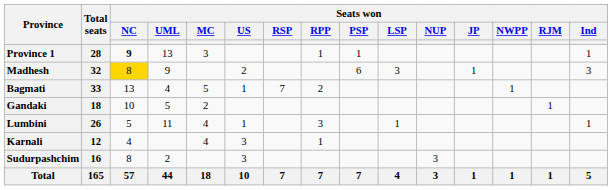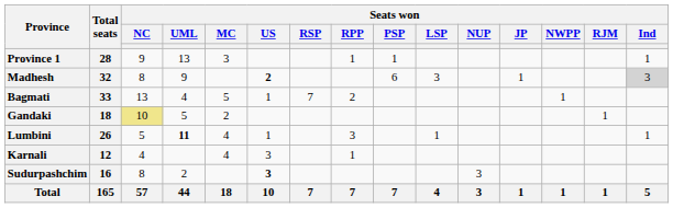 <table class="wikitable" style="text-align:center; font-size: 0.9em;">
 <tr>
 <th rowspan="3">Province</th>
 <th rowspan="3">Total<br>seats</th>
 <th colspan="13">Seats won</th>
 </tr>
 <tr>
 <th class="unsortable" style="width:45px;"><a href='#'>NC</a></th>
 <th class="unsortable" style="width:45px;"><a href='#'>UML</a></th>
 <th class="unsortable" style="width:45px;"><a href='#'>MC</a></th>
 <th class="unsortable" style="width:45px;"><a href='#'>US</a></th>
 <th class="unsortable" style="width:45px;"><a href='#'>RSP</a></th>
 <th class="unsortable" style="width:45px;"><a href='#'>RPP</a></th>
 <th class="unsortable" style="width:45px;"><a href='#'>PSP</a></th>
 <th class="unsortable" style="width:45px;"><a href='#'>LSP</a></th>
 <th class="unsortable" style="width:45px;"><a href='#'>NUP</a></th>
 <th class="unsortable" style="width:45px;"><a href='#'>JP</a></th>
 <th class="unsortable" style="width:45px;"><a href='#'>NWPP</a></th>
 <th class="unsortable" style="width:45px;"><a href='#'>RJM</a></th>
 <th class="unsortable" style="width:45px;"><a href='#'>Ind</a></th>
 </tr>
 <tr>
 <th style="background:"></th>
 <th style="background:"></th>
 <th style="background:"></th>
 <th style="background:"></th>
 <th style="background:"></th>
 <th style="background:"></th>
 <th style="background:"></th>
 <th style="background:"></th>
 <th style="background:"></th>
 <th style="background:"></th>
 <th style="background:"></th>
 <th style="background:"></th>
 <th style="background:"></th>
 </tr>
 <tr>
 <th style="text-align: left;">Province 1</th>
 <th>28</th>
-<td><strong>9</strong></td>
+<td>9</td>
 <td>13</td>
 <td>3</td>
 <td></td>
 <td></td>
 <td>1</td>
 <td>1</td>
 <td></td>
 <td></td>
 <td></td>
 <td></td>
 <td></td>
 <td>1</td>
 </tr>
 <tr>
 <th style="text-align: left;">Madhesh</th>
 <th>32</th>
-<td style="background: gold;">8</td>
+<td>8</td>
 <td>9</td>
 <td></td>
-<td>2</td>
+<td><strong>2</strong></td>
 <td></td>
 <td></td>
 <td>6</td>
 <td>3</td>
 <td></td>
 <td>1</td>
 <td></td>
 <td></td>
-<td>3</td>
+<td style="background: lightgrey;">3</td>
 </tr>
 <tr>
 <th style="text-align: left;">Bagmati</th>
 <th>33</th>
 <td>13</td>
 <td>4</td>
 <td>5</td>
 <td>1</td>
 <td>7</td>
 <td>2</td>
 <td></td>
 <td></td>
 <td></td>
 <td></td>
 <td>1</td>
 <td></td>
 <td></td>
 </tr>
 <tr>
 <th style="text-align: left;">Gandaki</th>
 <th>18</th>
-<td>10</td>
+<td style="background: khaki;">10</td>
 <td>5</td>
 <td>2</td>
 <td></td>
 <td></td>
 <td></td>
 <td></td>
 <td></td>
 <td></td>
 <td></td>
 <td></td>
 <td>1</td>
 <td></td>
 </tr>
 <tr>
 <th style="text-align: left;">Lumbini</th>
 <th>26</th>
 <td>5</td>
-<td>11</td>
+<td><strong>11</strong></td>
 <td>4</td>
 <td>1</td>
 <td></td>
 <td>3</td>
 <td></td>
 <td>1</td>
 <td></td>
 <td></td>
 <td></td>
 <td></td>
 <td>1</td>
 </tr>
 <tr>
 <th style="text-align: left;">Karnali</th>
 <th>12</th>
 <td>4</td>
 <td></td>
 <td>4</td>
 <td>3</td>
 <td></td>
 <td>1</td>
 <td></td>
 <td></td>
 <td></td>
 <td></td>
 <td></td>
 <td></td>
 <td></td>
 </tr>
 <tr>
 <th style="text-align: left;">Sudurpashchim</th>
 <th>16</th>
 <td>8</td>
 <td>2</td>
 <td></td>
-<td>3</td>
+<td><strong>3</strong></td>
 <td></td>
 <td></td>
 <td></td>
 <td></td>
 <td>3</td>
 <td></td>
 <td></td>
 <td></td>
 <td></td>
 </tr>
 <tr class="sortbottom">
 <th>Total</th>
 <th>165</th>
 <th>57</th>
 <th>44</th>
 <th>18</th>
 <th>10</th>
 <th>7</th>
 <th>7</th>
 <th>7</th>
 <th>4</th>
 <th>3</th>
 <th>1</th>
 <th>1</th>
 <th>1</th>
 <th>5</th>
 </tr>
 </table>
